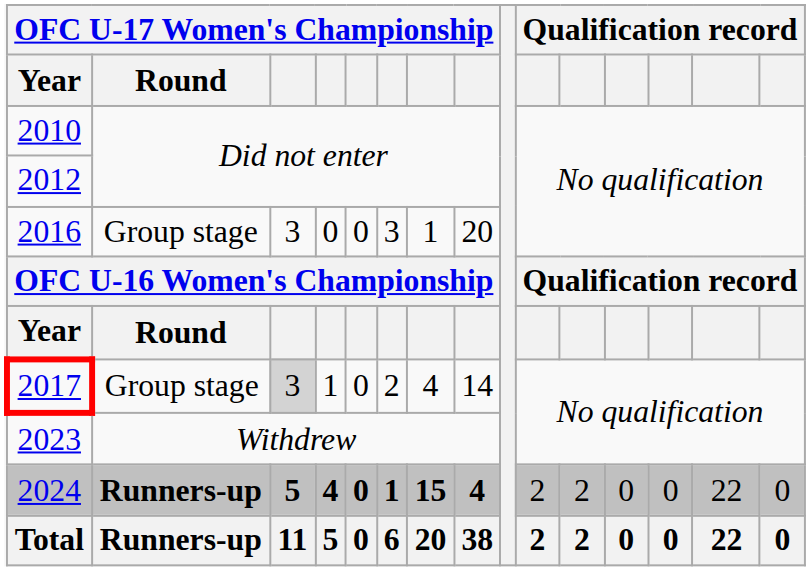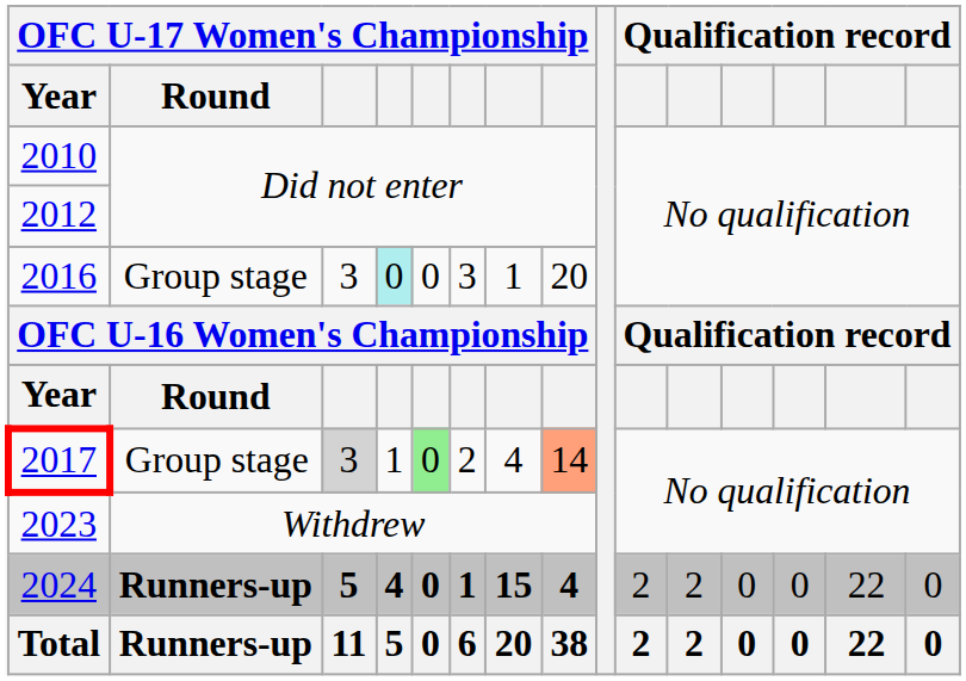 <table class="wikitable" style="text-align: center;">
 <tr>
 <th colspan=8><a href='#'>OFC U-17 Women's Championship</a></th>
 <th rowspan=30></th>
 <th colspan=6>Qualification record</th>
 </tr>
 <tr>
 <th>Year</th>
 <th>Round</th>
 <th></th>
 <th></th>
 <th></th>
 <th></th>
 <th></th>
 <th></th>
 <th></th>
 <th></th>
 <th></th>
 <th></th>
 <th></th>
 <th></th>
 </tr>
 <tr>
 <td> <a href='#'>2010</a></td>
 <td rowspan=2 colspan=8><em>Did not enter</em></td>
 <td colspan=6 rowspan=3><em>No qualification</em></td>
 </tr>
 <tr>
 <td> <a href='#'>2012</a></td>
 </tr>
 <tr>
 <td> <a href='#'>2016</a></td>
 <td>Group stage</td>
 <td>3</td>
-<td>0</td>
+<td style="background: paleturquoise;">0</td>
 <td>0</td>
 <td>3</td>
 <td>1</td>
 <td>20</td>
 </tr>
 <tr>
 <th colspan=8><a href='#'>OFC U-16 Women's Championship</a></th>
 <th colspan=6>Qualification record</th>
 </tr>
 <tr>
 <th>Year</th>
 <th>Round</th>
 <th></th>
 <th></th>
 <th></th>
 <th></th>
 <th></th>
 <th></th>
 <th></th>
 <th></th>
 <th></th>
 <th></th>
 <th></th>
 <th></th>
 </tr>
 <tr>
 <td style="border: 3px solid red"> <a href='#'>2017</a></td>
 <td>Group stage</td>
 <td style="background: lightgrey;">3</td>
 <td>1</td>
-<td>0</td>
+<td style="background: lightgreen;">0</td>
 <td>2</td>
 <td>4</td>
-<td>14</td>
+<td style="background: lightsalmon;">14</td>
 <td colspan=6 rowspan=2><em>No qualification</em></td>
 </tr>
 <tr>
 <td> <a href='#'>2023</a></td>
 <td colspan=7><em>Withdrew</em></td>
 </tr>
 <tr bgcolor=silver>
 <td> <a href='#'>2024</a></td>
 <td><strong>Runners-up</strong></td>
 <td><strong>5</strong></td>
 <td><strong>4</strong></td>
 <td><strong>0</strong></td>
 <td><strong>1</strong></td>
 <td><strong>15</strong></td>
 <td><strong>4</strong></td>
 <td>2</td>
 <td>2</td>
 <td>0</td>
 <td>0</td>
 <td>22</td>
 <td>0</td>
 </tr>
 <tr>
 <th>Total</th>
 <th>Runners-up</th>
 <th>11</th>
 <th>5</th>
 <th>0</th>
 <th>6</th>
 <th>20</th>
 <th>38</th>
 <th>2</th>
 <th>2</th>
 <th>0</th>
 <th>0</th>
 <th>22</th>
 <th>0</th>
 </tr>
 </table>
